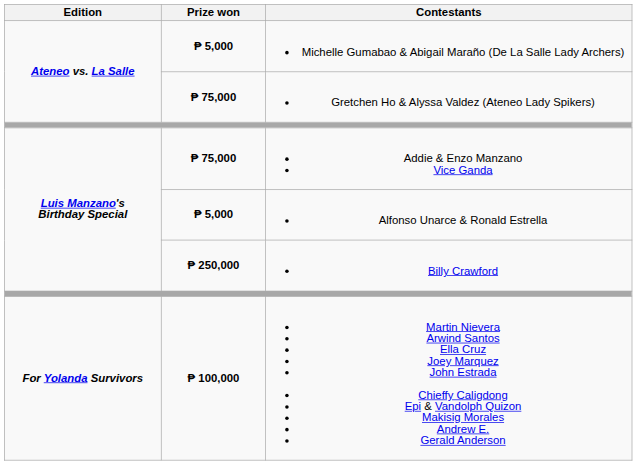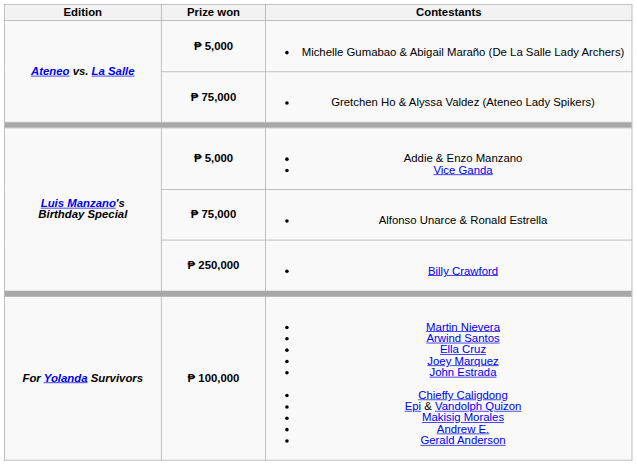 <table class="wikitable" style="text-align:center; line-height:16px; font-size:100%;" width="70%">
 <tr>
 <th width="15%">Edition</th>
 <th width="10%">Prize won</th>
 <th width="35%">Contestants</th>
 </tr>
 <tr>
 <td rowspan="2"><strong><em><a href='#'>Ateneo</a> vs. <a href='#'>La Salle</a></em></strong></td>
 <td><strong>₱ 5,000</strong></td>
 <td><br><ul><li>Michelle Gumabao & Abigail Maraño (De La Salle Lady Archers)</li></ul></td>
 </tr>
 <tr>
 <td><strong>₱ 75,000</strong></td>
 <td><br><ul><li>Gretchen Ho & Alyssa Valdez (Ateneo Lady Spikers)</li></ul></td>
 </tr>
 <tr>
 <th colspan="3" style="background:#A8A8A8"></th>
 </tr>
 <tr>
 <td rowspan="3"><strong><em><a href='#'>Luis Manzano</a>'s<br>Birthday Special</em></strong></td>
-<td><strong>₱ 75,000</strong></td>
+<td><strong>₱ 5,000</strong></td>
 <td><br><ul><li>Addie & Enzo Manzano</li><li><a href='#'>Vice Ganda</a></li></ul></td>
 </tr>
 <tr>
-<td><strong>₱ 5,000</strong></td>
+<td><strong>₱ 75,000</strong></td>
 <td><br><ul><li>Alfonso Unarce & Ronald Estrella</li></ul></td>
 </tr>
 <tr>
 <td><strong>₱ 250,000</strong></td>
 <td><br><ul><li><a href='#'>Billy Crawford</a></li></ul></td>
 </tr>
 <tr>
 <th colspan="3" style="background:#A8A8A8"></th>
 </tr>
 <tr>
 <td><strong><em>For <a href='#'>Yolanda</a> Survivors</em></strong></td>
 <td><strong>₱ 100,000</strong></td>
 <td><br> <ul><li><a href='#'>Martin Nievera</a></li><li><a href='#'>Arwind Santos</a></li><li><a href='#'>Ella Cruz</a></li><li><a href='#'>Joey Marquez</a></li><li><a href='#'>John Estrada</a></li></ul><ul><li><a href='#'>Chieffy Caligdong</a></li><li><a href='#'>Epi</a> & <a href='#'>Vandolph Quizon</a></li><li><a href='#'>Makisig Morales</a></li><li><a href='#'>Andrew E.</a></li><li><a href='#'>Gerald Anderson</a></li></ul></td>
 </tr>
 </table>
